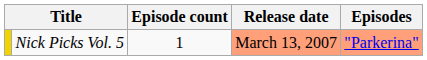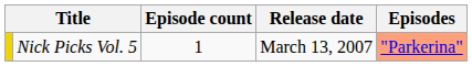 <table class="wikitable" style="text-align: center;">
 <tr>
 <th colspan=2>Title</th>
 <th>Episode count</th>
 <th>Release date</th>
 <th>Episodes</th>
 </tr>
 <tr>
 <td style="background:#efd400"></td>
 <td><em>Nick Picks Vol. 5</em></td>
 <td>1</td>
-<td style="background: lightsalmon;">March 13, 2007</td>
+<td>March 13, 2007</td>
 <td style="background: lightsalmon;"><a href='#'>"Parkerina"</a></td>
 </tr>
 </table>
